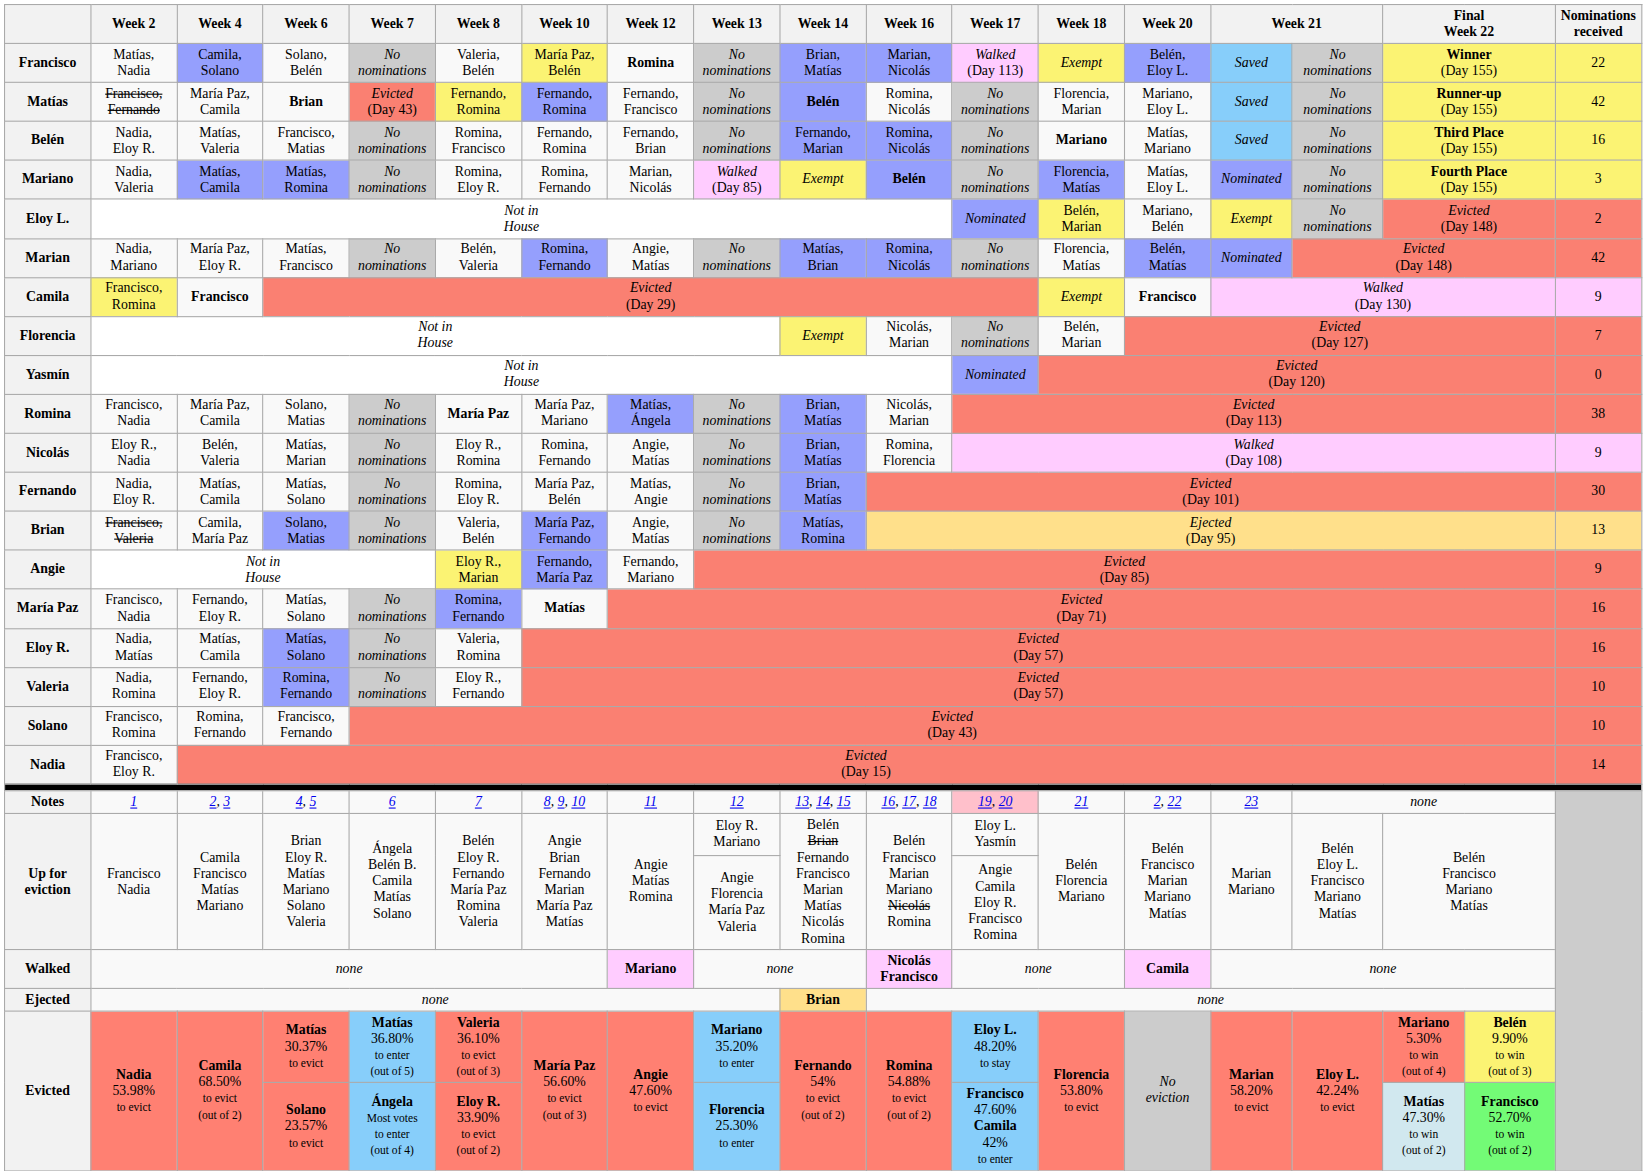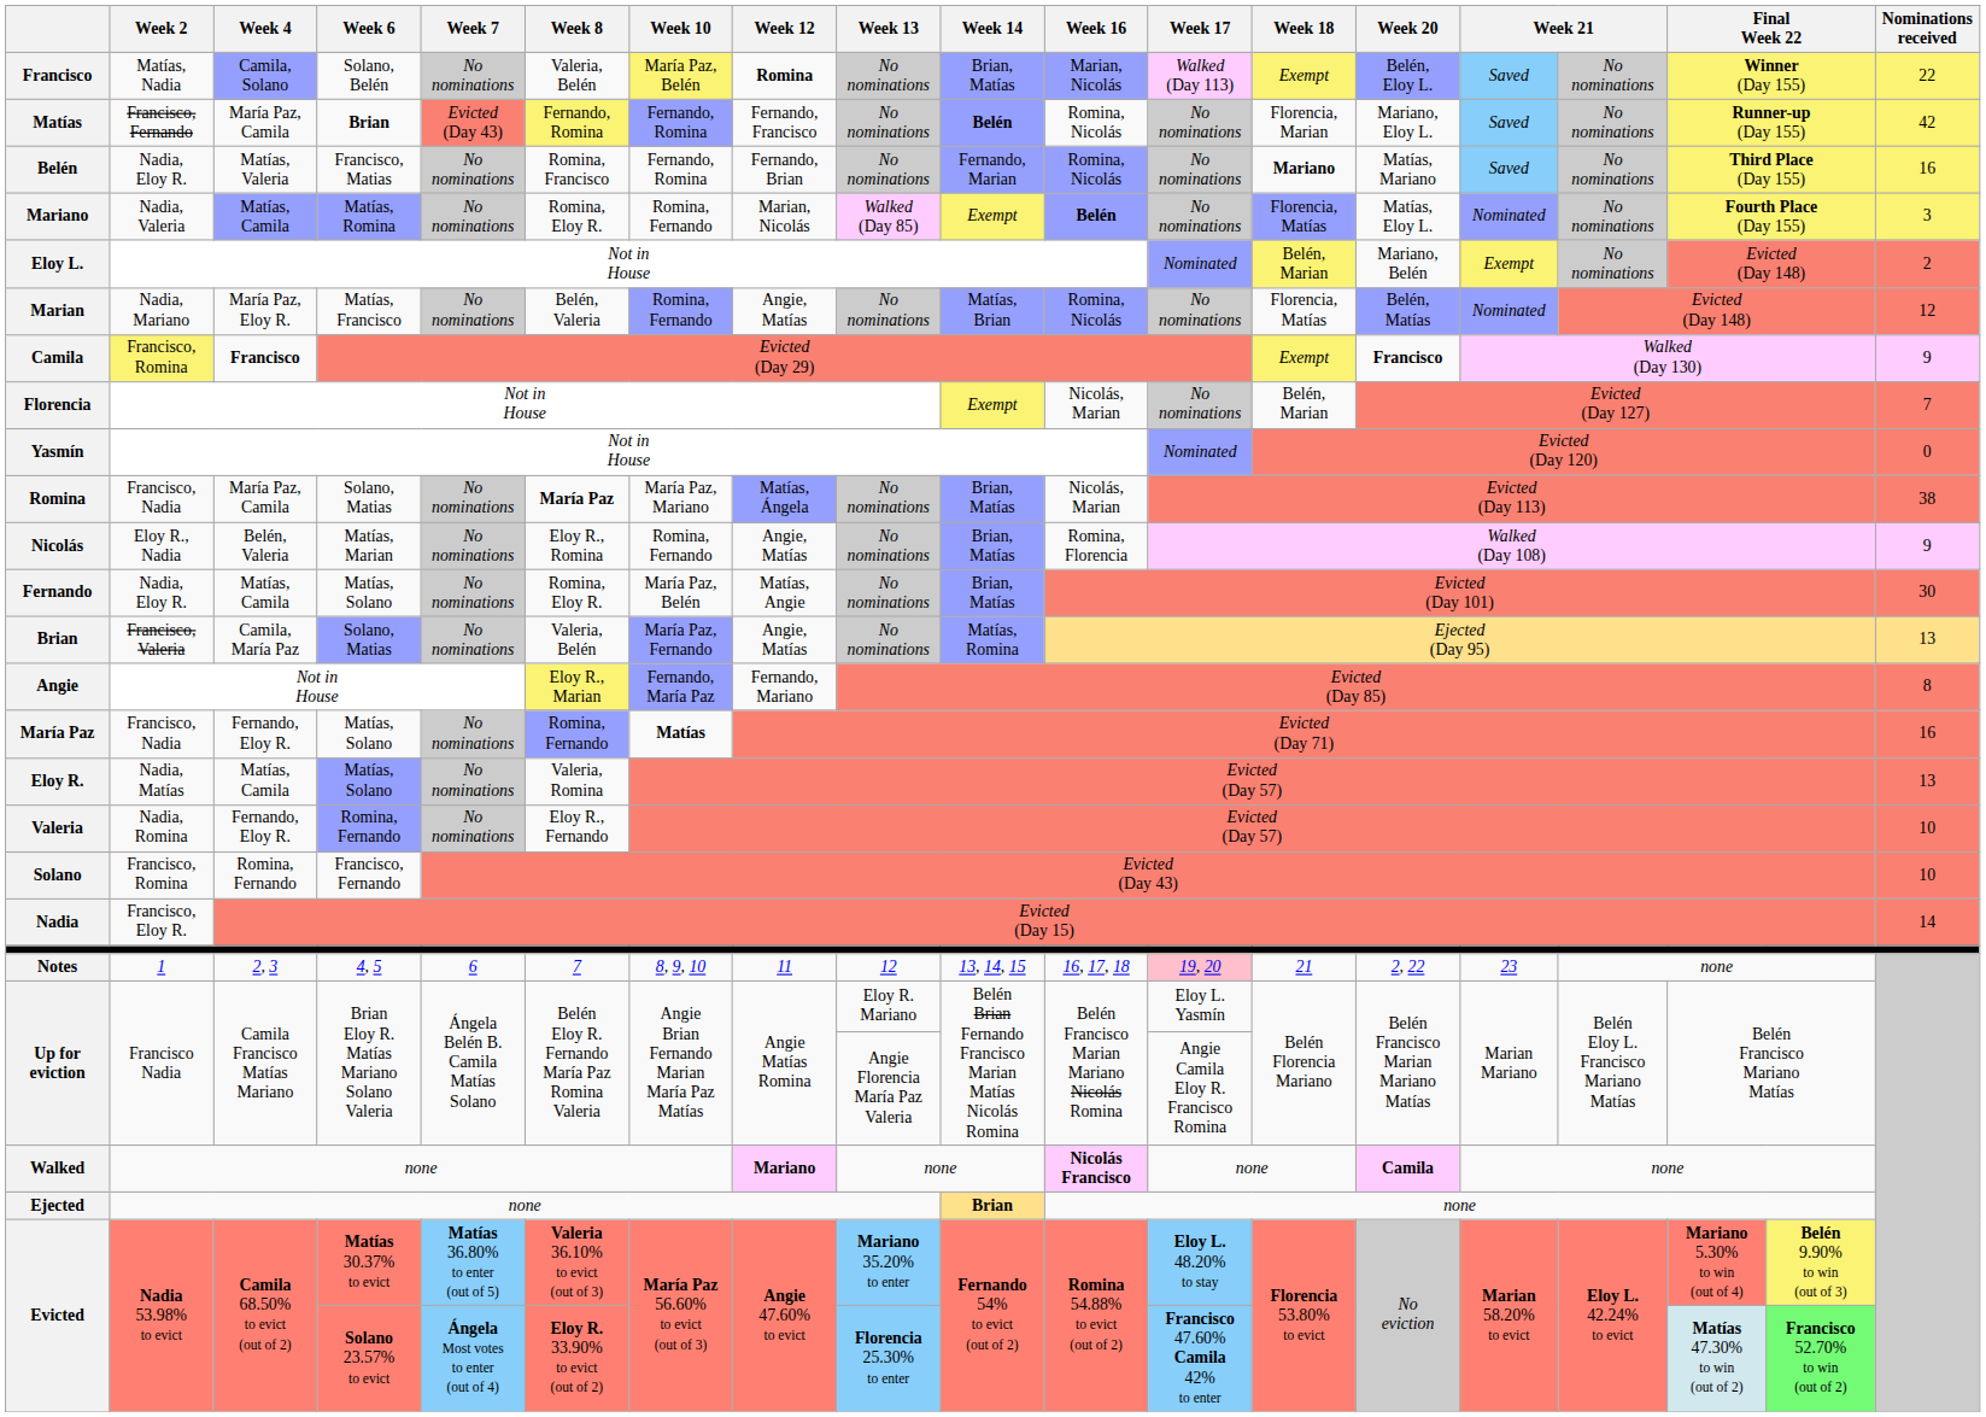 <table class="wikitable" style="text-align:center; font-size:80%; line-height:15px">
 <tr>
 <th style="width: 5%;"></th>
 <th style="width: 5%;">Week 2</th>
 <th style="width: 5%;">Week 4</th>
 <th style="width: 5%;">Week 6</th>
 <th style="width: 5%;">Week 7</th>
 <th style="width: 5%;">Week 8</th>
 <th style="width: 5%;">Week 10</th>
 <th style="width: 5%;">Week 12</th>
 <th style="width: 5%;">Week 13</th>
 <th style="width: 5%;">Week 14</th>
 <th style="width: 5%;">Week 16</th>
 <th style="width: 5%;">Week 17</th>
 <th style="width: 5%;">Week 18</th>
 <th style="width: 5%;">Week 20</th>
 <th colspan="2" style="width: 10%;">Week 21</th>
 <th colspan="2" style="width: 10%;">Final<br>Week 22</th>
 <th style="width: 5%;">Nominations<br>received</th>
 </tr>
 <tr>
 <th>Francisco</th>
 <td>Matías,<br>Nadia</td>
 <td style="background:#959FFD">Camila,<br>Solano</td>
 <td>Solano,<br>Belén</td>
 <td style="background-color: rgb(204, 204, 204);"><em>No<br>nominations</em></td>
 <td>Valeria,<br>Belén</td>
 <td style="background:#FBF373" nowrap>María Paz,<br>Belén</td>
 <td><strong>Romina</strong></td>
 <td style="background-color: rgb(204, 204, 204);"><em>No<br>nominations</em></td>
 <td style="background-color: rgb(149, 159, 253);">Brian,<br>Matías<br></td>
 <td style="background: rgb(149, 159, 253);">Marian,<br>Nicolás</td>
 <td colspan="1" style="background-color: rgb(255, 204, 255);"><em>Walked</em><br>(Day 113)</td>
 <td style="background-color: rgb(251, 243, 115);"><em>Exempt</em></td>
 <td style="background:#959FFD">Belén,<br>Eloy L.</td>
 <td style="background-color: rgb(135, 206, 250);"><em>Saved</em></td>
 <td style="background-color: rgb(204, 204, 204);"><em>No<br>nominations</em></td>
 <td colspan="2" style="background-color: rgb(251, 243, 115);"><strong>Winner</strong><br>(Day 155)</td>
 <td style="background-color: rgb(251, 243, 115);">22</td>
 </tr>
 <tr>
 <th>Matías</th>
 <td><s>Francisco,<br>Fernando</s></td>
 <td nowrap>María Paz,<br>Camila</td>
 <td><strong>Brian</strong></td>
 <td style="background: rgb(250, 128, 114);"><em>Evicted</em><br>(Day 43)</td>
 <td style="background:#FBF373">Fernando,<br>Romina</td>
 <td style="background:#959FFD">Fernando,<br>Romina</td>
 <td>Fernando,<br>Francisco</td>
 <td style="background-color: rgb(204,204, 204);"><em>No<br>nominations</em></td>
 <td style="background-color: rgb(149, 159, 253);"><strong>Belén</strong></td>
 <td>Romina,<br>Nicolás</td>
 <td style="background-color: rgb(204, 204, 204);"><em>No<br>nominations</em></td>
 <td>Florencia,<br>Marian</td>
 <td>Mariano,<br>Eloy L.</td>
 <td style="background-color: rgb(135, 206, 250);"><em>Saved</em></td>
 <td style="background-color: rgb(204, 204, 204);"><em>No<br>nominations</em></td>
 <td colspan="2" style="background-color: rgb(251, 243, 115);"><strong>Runner-up</strong><br>(Day 155)</td>
 <td style="background-color: rgb(251, 243, 115);">42</td>
 </tr>
 <tr>
 <th>Belén</th>
 <td>Nadia,<br>Eloy R.</td>
 <td>Matías,<br>Valeria</td>
 <td>Francisco,<br>Matias</td>
 <td style="background-color: rgb(204, 204, 204);"><em>No<br>nominations</em></td>
 <td>Romina,<br>Francisco</td>
 <td>Fernando,<br>Romina</td>
 <td>Fernando,<br>Brian</td>
 <td style="background: rgb(204, 204, 204);"><em>No<br>nominations</em></td>
 <td style="background: rgb(149, 159, 253);">Fernando,<br>Marian</td>
 <td style="background: rgb(149, 159, 253);">Romina,<br>Nicolás</td>
 <td style="background-color: rgb(204, 204, 204);"><em>No<br>nominations</em></td>
 <td><strong>Mariano</strong></td>
 <td>Matías,<br>Mariano</td>
 <td style="background-color: rgb(135, 206, 250);"><em>Saved</em></td>
 <td style="background-color: rgb(204, 204, 204);"><em>No<br>nominations</em></td>
 <td colspan="2" style="background-color: rgb(251, 243, 115);"><strong>Third Place</strong><br>(Day 155)</td>
 <td style="background-color: rgb(251, 243, 115);">16</td>
 </tr>
 <tr>
 <th>Mariano</th>
 <td>Nadia,<br>Valeria</td>
 <td style="background-color: rgb(149, 159, 253);">Matías,<br>Camila</td>
 <td style="background-color: rgb(149, 159, 253);">Matías,<br>Romina</td>
 <td style="background-color: rgb(204, 204, 204);"><em>No<br>nominations</em></td>
 <td>Romina,<br>Eloy R.</td>
 <td>Romina,<br>Fernando</td>
 <td>Marian,<br>Nicolás</td>
 <td style="background-color: rgb(255, 204, 255);"><em>Walked</em><br>(Day 85)</td>
 <td style="background-color: rgb(251, 243, 115);"><em>Exempt</em></td>
 <td style="background: rgb(149, 159, 253);"><strong>Belén</strong></td>
 <td style="background: rgb(204, 204, 204);"><em>No<br>nominations</em></td>
 <td style="background: rgb(149, 159, 253);">Florencia,<br>Matías</td>
 <td>Matías,<br>Eloy L.</td>
 <td style="background-color: rgb(149, 159, 253);"><em>Nominated</em></td>
 <td style="background-color: rgb(204, 204, 204);"><em>No<br>nominations</em></td>
 <td colspan="2" style="background-color: rgb(251, 243, 115);"><strong>Fourth Place</strong><br>(Day 155)</td>
 <td style="background-color: rgb(251, 243, 115);">3</td>
 </tr>
 <tr>
 <th>Eloy L.</th>
 <td colspan="10" style="background-color: white;"><em>Not in<br>House</em></td>
 <td style="background-color: rgb(149, 159, 253);"><em>Nominated</em></td>
 <td style="background-color: rgb(251, 243, 115);">Belén,<br>Marian</td>
 <td>Mariano,<br>Belén</td>
 <td style="background-color: rgb(251, 243, 115);"><em>Exempt</em></td>
 <td style="background-color: rgb(204, 204, 204);"><em>No<br>nominations</em></td>
 <td colspan="2" style="background-color: rgb(250, 128, 114);"><em>Evicted</em><br>(Day 148)</td>
 <td style="background-color: rgb(250, 128, 114);">2</td>
 </tr>
 <tr>
 <th>Marian</th>
 <td>Nadia,<br>Mariano</td>
 <td>María Paz,<br>Eloy R.</td>
 <td>Matías,<br>Francisco</td>
 <td style="background-color: rgb(204, 204, 204);"><em>No<br>nominations</em></td>
 <td>Belén,<br>Valeria</td>
 <td style="background:#959FFD">Romina,<br>Fernando</td>
 <td>Angie,<br>Matías</td>
 <td style="background-color: rgb(204, 204, 204);"><em>No<br>nominations</em></td>
 <td style="background-color: rgb(149, 159, 253);">Matías,<br>Brian</td>
 <td style="background: rgb(149, 159, 253);">Romina,<br>Nicolás</td>
 <td style="background-color: rgb(204, 204, 204);"><em>No<br>nominations</em></td>
 <td>Florencia,<br>Matías</td>
 <td style="background-color: rgb(149, 159, 253);">Belén,<br>Matías</td>
 <td style="background-color: rgb(149, 159, 253);"><em>Nominated</em></td>
 <td colspan="3" style="background-color: rgb(250, 128, 114);"><em>Evicted</em><br>(Day 148)</td>
-<td style="background-color: rgb(250, 128, 114);">42</td>
+<td style="background-color: rgb(250, 128, 114);">12</td>
 </tr>
 <tr>
 <th>Camila</th>
 <td style="background:#FBF373">Francisco,<br>Romina</td>
 <td><strong>Francisco</strong></td>
 <td colspan="9" style="background: rgb(250, 128, 114);"><em>Evicted</em><br>(Day 29)</td>
 <td style="background-color: rgb(251, 243, 115);"><em>Exempt</em></td>
 <td><strong>Francisco</strong></td>
 <td colspan="4" style="background-color: rgb(255, 204, 255);"><em>Walked</em><br>(Day 130)</td>
 <td style="background-color: rgb(255, 204, 255);">9</td>
 </tr>
 <tr>
 <th>Florencia</th>
 <td colspan="8" style="background-color: white;"><em>Not in<br>House</em></td>
 <td style="background-color: rgb(251, 243, 115);"><em>Exempt</em></td>
 <td>Nicolás,<br>Marian</td>
 <td style="background-color: rgb(204, 204, 204);"><em>No<br>nominations</em></td>
 <td>Belén,<br>Marian</td>
 <td colspan="5" style="background: rgb(250, 128, 114);"><em>Evicted</em><br>(Day 127)</td>
 <td style="background: rgb(250, 128, 114);">7</td>
 </tr>
 <tr>
 <th>Yasmín</th>
 <td colspan="10" style="background-color: white;"><em>Not in<br>House</em></td>
 <td style="background: rgb(149, 159, 253);"><em>Nominated</em></td>
 <td colspan="6" style="background: rgb(250, 128, 114);"><em>Evicted</em><br>(Day 120)</td>
 <td style="background: rgb(250, 128, 114);">0</td>
 </tr>
 <tr>
 <th>Romina</th>
 <td>Francisco,<br>Nadia</td>
 <td>María Paz,<br>Camila</td>
 <td>Solano,<br>Matias</td>
 <td style="background-color: rgb(204, 204, 204);"><em>No<br>nominations</em></td>
 <td><strong>María Paz</strong></td>
 <td>María Paz,<br>Mariano</td>
 <td style="background:#959FFD">Matías,<br>Ángela</td>
 <td style="background-color: rgb(204, 204, 204);"><em>No<br>nominations</em></td>
 <td style="background-color: rgb(149, 159, 253);">Brian,<br>Matías</td>
 <td>Nicolás,<br>Marian</td>
 <td colspan="7" style="background: rgb(250, 128, 114);"><em>Evicted</em><br>(Day 113)</td>
 <td style="background: rgb(250, 128, 114);">38</td>
 </tr>
 <tr>
 <th>Nicolás</th>
 <td>Eloy R.,<br>Nadia</td>
 <td>Belén,<br>Valeria</td>
 <td>Matías,<br>Marian</td>
 <td style="background-color: rgb(204, 204, 204);"><em>No<br>nominations</em></td>
 <td>Eloy R.,<br>Romina</td>
 <td>Romina,<br>Fernando</td>
 <td>Angie,<br>Matías</td>
 <td style="background-color: rgb(204, 204, 204);"><em>No<br>nominations</em></td>
 <td style="background-color: rgb(149, 159, 253);">Brian,<br>Matías</td>
 <td>Romina,<br>Florencia</td>
 <td colspan="7" style="background-color: rgb(255, 204, 255);"><em>Walked</em><br>(Day 108)</td>
 <td style="background-color: rgb(255, 204, 255);">9</td>
 </tr>
 <tr>
 <th>Fernando</th>
 <td>Nadia,<br>Eloy R.</td>
 <td>Matías,<br>Camila</td>
 <td>Matías,<br>Solano</td>
 <td style="background-color: rgb(204, 204, 204);"><em>No<br>nominations</em></td>
 <td>Romina,<br>Eloy R.</td>
 <td>María Paz,<br>Belén</td>
 <td>Matías,<br>Angie</td>
 <td style="background-color: rgb(204, 204, 204);"><em>No<br>nominations</em></td>
 <td style="background-color: rgb(149, 159, 253);">Brian,<br>Matías</td>
 <td colspan="8" style="background: rgb(250, 128, 114);"><em>Evicted</em><br>(Day 101)</td>
 <td style="background: rgb(250, 128, 114);">30</td>
 </tr>
 <tr>
 <th>Brian</th>
 <td><s>Francisco,<br>Valeria</s></td>
 <td>Camila,<br>María Paz</td>
 <td style="background:#959FFD">Solano,<br>Matias</td>
 <td style="background-color: rgb(204, 204, 204);"><em>No<br>nominations</em></td>
 <td>Valeria,<br>Belén</td>
 <td style="background:#959FFD">María Paz,<br>Fernando</td>
 <td>Angie,<br>Matías</td>
 <td style="background-color: rgb(204, 204, 204);"><em>No<br>nominations</em></td>
 <td style="background-color: rgb(149, 159, 253);">Matías,<br>Romina</td>
 <td colspan="8" style="background-color: rgb(255, 224, 139);"><em>Ejected</em><br>(Day 95)</td>
 <td style="background-color: #FFE08B;">13</td>
 </tr>
 <tr>
 <th>Angie</th>
 <td colspan="4" style="background: white;"><em>Not in<br>House</em></td>
 <td style="background:#FBF373">Eloy R.,<br>Marian</td>
 <td style="background:#959FFD">Fernando,<br>María Paz</td>
 <td>Fernando,<br>Mariano</td>
 <td colspan="10" style="background: rgb(250, 128, 114);"><em>Evicted</em><br>(Day 85)</td>
-<td style="background: rgb(250, 128, 114);">9</td>
+<td style="background: rgb(250, 128, 114);">8</td>
 </tr>
 <tr>
 <th>María Paz</th>
 <td>Francisco,<br>Nadia</td>
 <td>Fernando,<br>Eloy R.</td>
 <td>Matías,<br>Solano</td>
 <td style="background: rgb(204, 204, 204);"><em>No<br>nominations</em></td>
 <td style="background:#959FFD">Romina,<br>Fernando</td>
 <td><strong>Matías</strong></td>
 <td colspan="11" style="background: rgb(250, 128, 114);"><em>Evicted</em><br>(Day 71)</td>
 <td style="background: rgb(250, 128, 114);">16</td>
 </tr>
 <tr>
 <th>Eloy R.</th>
 <td>Nadia,<br>Matías</td>
 <td>Matías,<br>Camila</td>
 <td style="background:#959FFD">Matías,<br>Solano</td>
 <td style="background-color: rgb(204, 204, 204);"><em>No<br>nominations</em></td>
 <td>Valeria,<br>Romina</td>
 <td colspan="12" style="background: rgb(250, 128, 114);"><em>Evicted</em><br>(Day 57)</td>
-<td style="background: rgb(250, 128, 114);">16</td>
+<td style="background: rgb(250, 128, 114);">13</td>
 </tr>
 <tr>
 <th>Valeria</th>
 <td>Nadia,<br>Romina</td>
 <td>Fernando,<br>Eloy R.</td>
 <td style="background:#959FFD">Romina,<br>Fernando</td>
 <td style="background-color: rgb(204, 204, 204);"><em>No<br>nominations</em></td>
 <td>Eloy R.,<br>Fernando</td>
 <td colspan="12" style="background: rgb(250, 128, 114);"><em>Evicted</em><br>(Day 57)</td>
 <td style="background: rgb(250, 128, 114);">10</td>
 </tr>
 <tr>
 <th>Solano</th>
 <td>Francisco,<br>Romina</td>
 <td>Romina,<br>Fernando</td>
 <td>Francisco,<br>Fernando</td>
 <td colspan="14" style="background: rgb(250, 128, 114);"><em>Evicted</em><br>(Day 43)</td>
 <td style="background: rgb(250, 128, 114);">10</td>
 </tr>
 <tr>
 <th>Nadia</th>
 <td>Francisco,<br>Eloy R.</td>
 <td colspan="16" style="background: rgb(250, 128, 114);"><em>Evicted</em><br>(Day 15)</td>
 <td style="background: rgb(250, 128, 114);">14</td>
 </tr>
 <tr>
 <td colspan="19" style="background: black;"></td>
 </tr>
 <tr>
 <th>Notes</th>
 <td><em><a href='#'>1</a></em></td>
 <td><em><a href='#'>2</a>, <a href='#'>3</a></em></td>
 <td><em><a href='#'>4</a>, <a href='#'>5</a></em></td>
 <td><em><a href='#'>6</a></em></td>
 <td><em><a href='#'>7</a></em></td>
 <td><em><a href='#'>8</a>, <a href='#'>9</a>, <a href='#'>10</a></em></td>
 <td><em><a href='#'>11</a></em></td>
 <td><em><a href='#'>12</a></em></td>
 <td><em><a href='#'>13</a></em>, <em><a href='#'>14</a></em>, <em><a href='#'>15</a> </em></td>
 <td><em><a href='#'>16</a></em>, <em><a href='#'>17</a></em>, <em><a href='#'>18</a></em></td>
 <td style="background: pink;"><em><a href='#'>19</a></em>, <em><a href='#'>20</a></em></td>
 <td><em><a href='#'>21</a></em></td>
 <td><em><a href='#'>2</a>, <a href='#'>22</a></em></td>
 <td><em><a href='#'>23</a></em></td>
 <td colspan="3"><em>none</em></td>
 <td rowspan=7 style="background:#CCCCCC"></td>
 </tr>
 <tr>
 <th rowspan="2">Up for<br>eviction</th>
 <td rowspan="2">Francisco<br>Nadia</td>
 <td rowspan="2">Camila<br>Francisco<br>Matías<br>Mariano</td>
 <td rowspan="2">Brian<br>Eloy R.<br>Matías<br>Mariano<br>Solano<br>Valeria</td>
 <td rowspan="2">Ángela<br>Belén B.<br>Camila<br>Matías<br>Solano</td>
 <td rowspan="2">Belén<br>Eloy R.<br>Fernando<br>María Paz<br>Romina<br>Valeria</td>
 <td rowspan="2">Angie<br>Brian<br>Fernando<br>Marian<br>María Paz<br>Matías</td>
 <td rowspan="2">Angie<br>Matías<br>Romina</td>
 <td>Eloy R.<br>Mariano</td>
 <td rowspan="2">Belén<br><s>Brian</s><br>Fernando<br>Francisco<br>Marian<br>Matías<br>Nicolás<br>Romina</td>
 <td rowspan="2">Belén<br>Francisco<br>Marian<br>Mariano<br><s>Nicolás</s><br>Romina</td>
 <td>Eloy L.<br>Yasmín</td>
 <td rowspan="2">Belén<br>Florencia<br>Mariano</td>
 <td rowspan="2">Belén<br>Francisco<br>Marian<br>Mariano<br>Matías</td>
 <td rowspan="2">Marian<br>Mariano</td>
 <td rowspan="2">Belén<br>Eloy L.<br>Francisco<br>Mariano<br>Matías</td>
 <td colspan="2" rowspan="2">Belén<br>Francisco<br>Mariano<br>Matías</td>
 </tr>
 <tr>
 <td>Angie<br>Florencia<br>María Paz<br>Valeria</td>
 <td>Angie<br>Camila<br>Eloy R.<br>Francisco<br>Romina</td>
 </tr>
 <tr>
 <th>Walked</th>
 <td colspan="6"><em>none</em></td>
 <td style="background:#fcf;"><strong>Mariano</strong></td>
 <td colspan="2" style="background-image: none; background-repeat: repeat; background-attachment: scroll; background-position: 0% 0%; background-clip: border-box; background-origin: padding-box; background-size: auto auto;"><em>none</em></td>
 <td style="background:#fcf;"><strong>Nicolás<br>Francisco</strong></td>
 <td colspan="2"><em>none</em></td>
 <td style="background:#fcf;"><strong>Camila</strong></td>
 <td colspan="4" style="background-image: none; background-repeat: repeat; background-attachment: scroll; background-position: 0% 0%; background-clip: border-box; background-origin: padding-box; background-size: auto auto;"><em>none</em></td>
 </tr>
 <tr>
 <th>Ejected</th>
 <td colspan="8"><em>none</em></td>
 <td style="background: #FFE08B;"><strong>Brian</strong></td>
 <td colspan="8" style="background-image: none; background-repeat: repeat; background-attachment: scroll; background-position: 0% 0%; background-clip: border-box; background-origin: padding-box; background-size: auto auto;"><em>none</em></td>
 </tr>
 <tr>
 <th rowspan=2>Evicted</th>
 <td rowspan=2 style="background:#FF8072"><strong>Nadia</strong><br>53.98%<br><small>to evict</small></td>
 <td rowspan=2 style="background:#FF8072"><strong>Camila</strong><br>68.50%<br><small>to evict<br>(out of 2)</small></td>
 <td style="background:#FF8072"><strong>Matías</strong><br>30.37%<br><small>to evict</small></td>
 <td style="background: rgb(135, 206, 250);"><strong>Matías</strong><br>36.80%<br><small>to enter<br>(out of 5)</small></td>
 <td style="background:#FF8072"><strong>Valeria</strong><br>36.10%<br><small>to evict<br>(out of 3)</small></td>
 <td rowspan="2" style="background: rgb(255, 128, 114);"><strong>María Paz</strong><br>56.60%<br><small>to evict<br>(out of 3)</small></td>
 <td rowspan="2" style="background-color: rgb(255, 128, 114);"><strong>Angie</strong><br>47.60%<br><small>to evict<br></small></td>
 <td style="background-color: rgb(135, 206, 250);"><strong>Mariano</strong><br>35.20%<br><small>to enter</small></td>
 <td rowspan="2" style="background-color: rgb(255, 128, 114);"><strong>Fernando</strong><br>54%<br><small>to evict<br></small><small>(out of 2)</small></td>
 <td rowspan="2" style="background-color: rgb(255, 128, 114);"><strong>Romina</strong><br>54.88%<br><small>to evict<br></small><small>(out of 2)</small></td>
 <td style="background-color: rgb(135, 206, 250);"><strong>Eloy L.</strong><br>48.20%<br><small>to stay</small></td>
 <td rowspan="2" style="background-color: rgb(255, 128, 114);"><strong>Florencia</strong><br>53.80%<br><small>to evict</small></td>
 <td rowspan="2" style="background-color: rgb(204, 204, 204);"><em>No<br>eviction</em></td>
 <td rowspan="2" style="background-color: rgb(255, 128, 114);"><strong>Marian</strong><br>58.20%<br><small>to evict</small></td>
 <td rowspan="2" style="background-color: rgb(255, 128, 114);"><strong>Eloy L.</strong><br>42.24%<br><small>to evict</small></td>
 <td style="background-color: rgb(255, 128, 114);"><strong>Mariano</strong><br>5.30%<br><small>to win<br>(out of 4)</small></td>
 <td style="background-color: rgb(251, 243, 115);"><strong>Belén</strong><br>9.90%<br><small>to win<br>(out of 3)</small></td>
 </tr>
 <tr>
 <td style="background:#FF8072"><strong>Solano</strong><br>23.57%<br><small>to evict</small></td>
 <td style="background: rgb(135, 206, 250);"><strong>Ángela</strong><br><small>Most votes<br>to enter<br>(out of 4)</small></td>
 <td style="background:#FF8072"><strong>Eloy R.</strong><br>33.90%<br><small>to evict<br>(out of 2)</small></td>
 <td style="background: rgb(135, 206, 250);"><strong>Florencia</strong><br>25.30%<br><small>to enter</small></td>
 <td style="background: rgb(135, 206, 250);"><strong>Francisco</strong><br>47.60%<br><strong>Camila</strong><br>42%<br><small>to enter</small></td>
 <td style="background: rgb(209, 232, 239);"><strong>Matías</strong><br>47.30%<br><small>to win<br>(out of 2)</small></td>
 <td style="background: rgb(115, 251, 118);"><strong>Francisco</strong><br>52.70%<br><small>to win<br>(out of 2)</small></td>
 </tr>
 </table>
